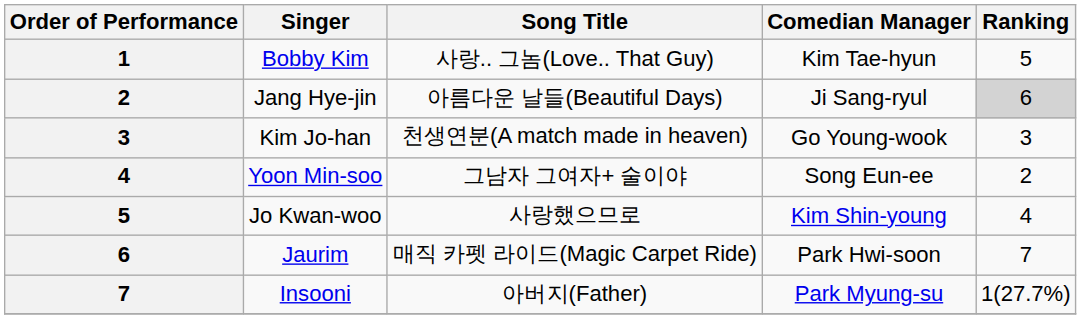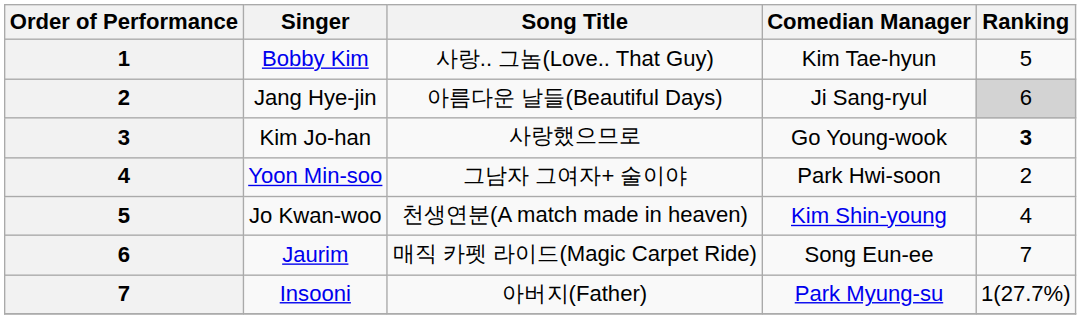 <table class="wikitable">
 <tr>
 <th>Order of Performance</th>
 <th>Singer</th>
 <th>Song Title</th>
 <th>Comedian Manager</th>
 <th>Ranking</th>
 </tr>
 <tr align="center">
 <th>1</th>
 <td><a href='#'>Bobby Kim</a></td>
 <td>사랑.. 그놈(Love.. That Guy)</td>
 <td>Kim Tae-hyun</td>
 <td>5</td>
 </tr>
 <tr align="center">
 <th>2</th>
 <td>Jang Hye-jin</td>
 <td>아름다운 날들(Beautiful Days)</td>
 <td>Ji Sang-ryul</td>
 <td style="background: lightgrey;">6</td>
 </tr>
 <tr align="center">
 <th>3</th>
 <td>Kim Jo-han</td>
-<td>천생연분(A match made in heaven)</td>
+<td>사랑했으므로</td>
 <td>Go Young-wook</td>
-<td>3</td>
+<td><strong>3</strong></td>
 </tr>
 <tr align="center">
 <th>4</th>
 <td><a href='#'>Yoon Min-soo</a></td>
 <td>그남자 그여자+ 술이야</td>
-<td>Song Eun-ee</td>
+<td>Park Hwi-soon</td>
 <td>2</td>
 </tr>
 <tr align="center">
 <th>5</th>
 <td>Jo Kwan-woo</td>
-<td>사랑했으므로</td>
+<td>천생연분(A match made in heaven)</td>
 <td><a href='#'>Kim Shin-young</a></td>
 <td>4</td>
 </tr>
 <tr align="center">
 <th>6</th>
 <td><a href='#'>Jaurim</a></td>
 <td>매직 카펫 라이드(Magic Carpet Ride)</td>
-<td>Park Hwi-soon</td>
+<td>Song Eun-ee</td>
 <td>7</td>
 </tr>
 <tr align="center">
 <th>7</th>
 <td><a href='#'>Insooni</a></td>
 <td>아버지(Father)</td>
 <td><a href='#'>Park Myung-su</a></td>
 <td>1(27.7%)</td>
 </tr>
 <tr>
 </tr>
 </table>
